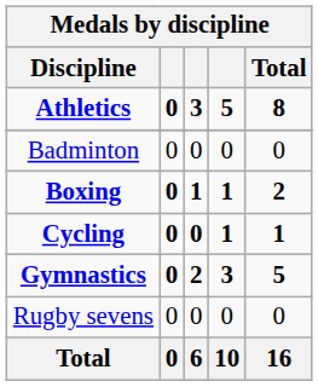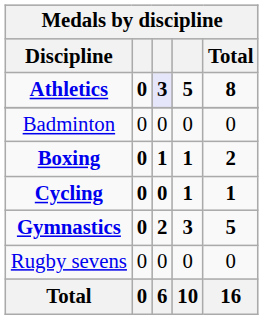 <table class="wikitable" style="font-size:85%" align="right">
 <tr bgcolor="#efefef">
 <th colspan=6>Medals by discipline</th>
 </tr>
 <tr style="text-align:center;">
 <th>Discipline</th>
 <th></th>
 <th></th>
 <th></th>
 <th>Total</th>
 </tr>
 <tr style="text-align:center; font-weight:bold;">
 <td><a href='#'>Athletics</a></td>
 <td>0</td>
-<td>3</td>
+<td style="background: lavender;">3</td>
 <td>5</td>
 <td>8</td>
 </tr>
 <tr>
 </tr>
 <tr style="text-align:center;">
 <td><a href='#'>Badminton</a></td>
 <td>0</td>
 <td>0</td>
 <td>0</td>
 <td>0</td>
 </tr>
 <tr style="text-align:center; font-weight:bold;">
 <td><a href='#'>Boxing</a></td>
 <td>0</td>
 <td>1</td>
 <td>1</td>
 <td>2</td>
 </tr>
 <tr style="text-align:center; font-weight:bold;">
 <td><a href='#'>Cycling</a></td>
 <td>0</td>
 <td>0</td>
 <td>1</td>
 <td>1</td>
 </tr>
 <tr style="text-align:center; font-weight:bold;">
 <td><a href='#'>Gymnastics</a></td>
 <td>0</td>
 <td>2</td>
 <td>3</td>
 <td>5</td>
 </tr>
 <tr style="text-align:center;">
 <td><a href='#'>Rugby sevens</a></td>
 <td>0</td>
 <td>0</td>
 <td>0</td>
 <td>0</td>
 </tr>
 <tr style="text-align:center;">
 <th>Total</th>
 <th>0</th>
 <th>6</th>
 <th>10</th>
 <th>16</th>
 </tr>
 </table>
